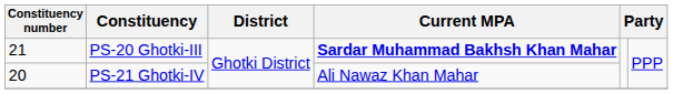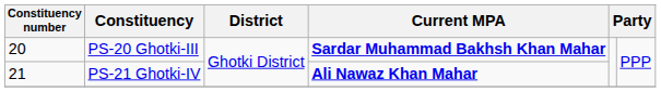 <table class="wikitable">
 <tr>
 <th width="50px" style="font-size:75%">Constituency number</th>
 <th>Constituency</th>
 <th>District</th>
 <th>Current MPA</th>
 <th colspan="2">Party</th>
 </tr>
 <tr>
-<td>21</td>
+<td>20</td>
 <td><a href='#'>PS-20 Ghotki-III</a></td>
 <td rowspan="2"><a href='#'>Ghotki District</a></td>
 <td><strong><a href='#'>Sardar Muhammad Bakhsh Khan Mahar</a></strong></td>
 <td rowspan="2"></td>
 <td rowspan="2"><a href='#'>PPP</a></td>
 </tr>
 <tr>
-<td>20</td>
+<td>21</td>
 <td><a href='#'>PS-21 Ghotki-IV</a></td>
-<td><a href='#'>Ali Nawaz Khan Mahar</a></td>
+<td><strong><a href='#'>Ali Nawaz Khan Mahar</a></strong></td>
 </tr>
 <tr>
 </tr>
 </table>
